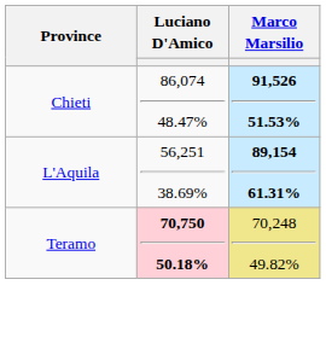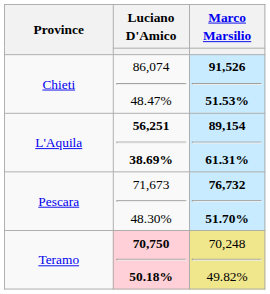 <table class="wikitable" style="text-align:center;font-size:90%;line-height:20px">
 <tr style="height:30px; background-color:#E9E9E9">
 <th style="width:110px;" rowspan="2">Province</th>
 <th style="width:75px;">Luciano D'Amico</th>
 <th style="width:75px;"><a href='#'>Marco Marsilio</a></th>
 </tr>
 <tr>
 <th style="background:"></th>
 <th style="background:"></th>
 </tr>
 <tr>
 <td><a href='#'>Chieti</a></td>
 <td>86,074 <hr>48.47%</td>
 <td style="background:#C8EBFF"><strong>91,526 <hr>51.53%</strong></td>
 </tr>
 <tr>
 <td><a href='#'>L'Aquila</a></td>
-<td>56,251 <hr>38.69%</td>
+<td><strong>56,251 <hr>38.69%</strong></td>
 <td style="background:#C8EBFF"><strong>89,154 <hr>61.31%</strong></td>
+</tr>
+<tr>
+<td><a href='#'>Pescara</a></td>
+<td>71,673 <hr>48.30%</td>
+<td style="background:#C8EBFF"><strong>76,732 <hr>51.70%</strong></td>
 </tr>
 <tr>
 <td><a href='#'>Teramo</a></td>
 <td style="background:#FFD0D7"><strong>70,750 <hr>50.18%</strong></td>
 <td style="background: khaki;">70,248 <hr>49.82%</td>
 </tr>
 </table>
